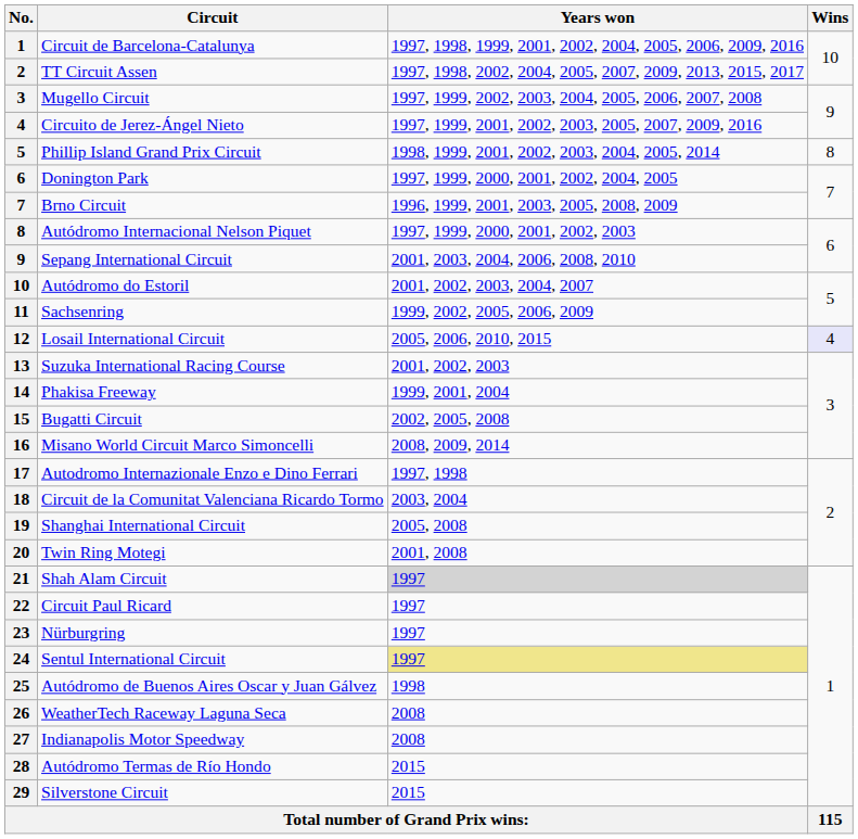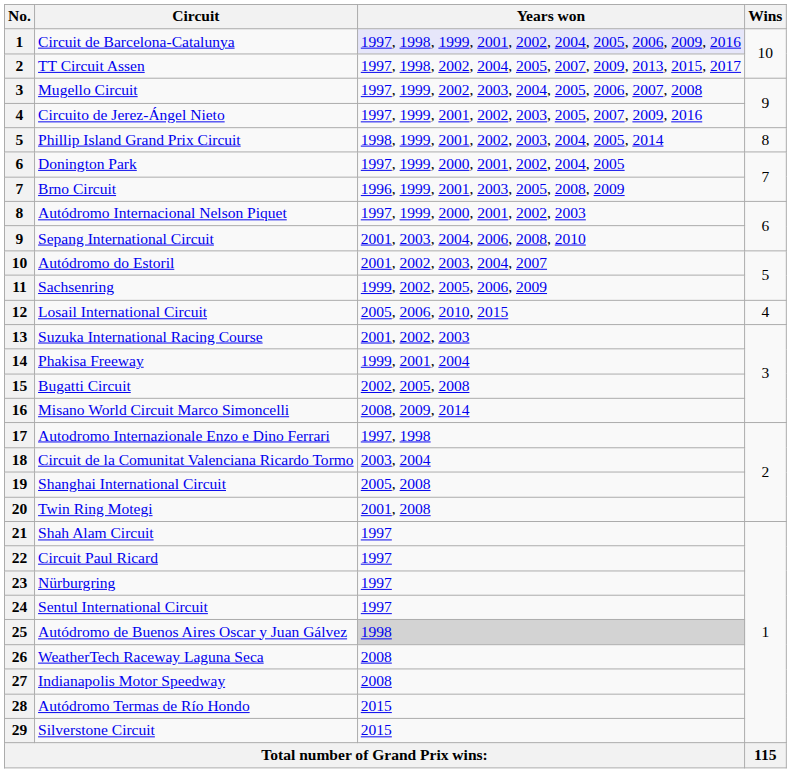 <table class="wikitable">
 <tr>
 <th scope="col">No.</th>
 <th>Circuit</th>
 <th>Years won</th>
 <th>Wins</th>
 </tr>
 <tr>
 <th scope="row">1</th>
 <td><a href='#'>Circuit de Barcelona-Catalunya</a></td>
-<td><a href='#'>1997</a>, <a href='#'>1998</a>, <a href='#'>1999</a>, <a href='#'>2001</a>, <a href='#'>2002</a>, <a href='#'>2004</a>, <a href='#'>2005</a>, <a href='#'>2006</a>, <a href='#'>2009</a>, <a href='#'>2016</a></td>
+<td style="background: lavender;"><a href='#'>1997</a>, <a href='#'>1998</a>, <a href='#'>1999</a>, <a href='#'>2001</a>, <a href='#'>2002</a>, <a href='#'>2004</a>, <a href='#'>2005</a>, <a href='#'>2006</a>, <a href='#'>2009</a>, <a href='#'>2016</a></td>
 <td rowspan="2" style="text-align:center;">10</td>
 </tr>
 <tr>
 <th scope="row">2</th>
 <td><a href='#'>TT Circuit Assen</a></td>
 <td><a href='#'>1997</a>, <a href='#'>1998</a>, <a href='#'>2002</a>, <a href='#'>2004</a>, <a href='#'>2005</a>, <a href='#'>2007</a>, <a href='#'>2009</a>, <a href='#'>2013</a>, <a href='#'>2015</a>, <a href='#'>2017</a></td>
 </tr>
 <tr>
 <th scope="row">3</th>
 <td><a href='#'>Mugello Circuit</a></td>
 <td><a href='#'>1997</a>, <a href='#'>1999</a>, <a href='#'>2002</a>, <a href='#'>2003</a>, <a href='#'>2004</a>, <a href='#'>2005</a>, <a href='#'>2006</a>, <a href='#'>2007</a>, <a href='#'>2008</a></td>
 <td rowspan="2" style="text-align:center;">9</td>
 </tr>
 <tr>
 <th scope="row">4</th>
 <td><a href='#'>Circuito de Jerez-Ángel Nieto</a></td>
 <td><a href='#'>1997</a>, <a href='#'>1999</a>, <a href='#'>2001</a>, <a href='#'>2002</a>, <a href='#'>2003</a>, <a href='#'>2005</a>, <a href='#'>2007</a>, <a href='#'>2009</a>, <a href='#'>2016</a></td>
 </tr>
 <tr>
 <th scope="row">5</th>
 <td><a href='#'>Phillip Island Grand Prix Circuit</a></td>
 <td><a href='#'>1998</a>, <a href='#'>1999</a>, <a href='#'>2001</a>, <a href='#'>2002</a>, <a href='#'>2003</a>, <a href='#'>2004</a>, <a href='#'>2005</a>, <a href='#'>2014</a></td>
 <td style="text-align:center;">8</td>
 </tr>
 <tr>
 <th scope="row">6</th>
 <td><a href='#'>Donington Park</a></td>
 <td><a href='#'>1997</a>, <a href='#'>1999</a>, <a href='#'>2000</a>, <a href='#'>2001</a>, <a href='#'>2002</a>, <a href='#'>2004</a>, <a href='#'>2005</a></td>
 <td rowspan="2" style="text-align:center;">7</td>
 </tr>
 <tr>
 <th scope="row">7</th>
 <td><a href='#'>Brno Circuit</a></td>
 <td><a href='#'>1996</a>, <a href='#'>1999</a>, <a href='#'>2001</a>, <a href='#'>2003</a>, <a href='#'>2005</a>, <a href='#'>2008</a>, <a href='#'>2009</a></td>
 </tr>
 <tr>
 <th scope="row">8</th>
 <td><a href='#'>Autódromo Internacional Nelson Piquet</a></td>
 <td><a href='#'>1997</a>, <a href='#'>1999</a>, <a href='#'>2000</a>, <a href='#'>2001</a>, <a href='#'>2002</a>, <a href='#'>2003</a></td>
 <td rowspan="2" style="text-align:center;">6</td>
 </tr>
 <tr>
 <th scope="row">9</th>
 <td><a href='#'>Sepang International Circuit</a></td>
 <td><a href='#'>2001</a>, <a href='#'>2003</a>, <a href='#'>2004</a>, <a href='#'>2006</a>, <a href='#'>2008</a>, <a href='#'>2010</a></td>
 </tr>
 <tr>
 <th scope="row">10</th>
 <td><a href='#'>Autódromo do Estoril</a></td>
 <td><a href='#'>2001</a>, <a href='#'>2002</a>, <a href='#'>2003</a>, <a href='#'>2004</a>, <a href='#'>2007</a></td>
 <td rowspan="2" style="text-align:center;">5</td>
 </tr>
 <tr>
 <th scope="row">11</th>
 <td><a href='#'>Sachsenring</a></td>
 <td><a href='#'>1999</a>, <a href='#'>2002</a>, <a href='#'>2005</a>, <a href='#'>2006</a>, <a href='#'>2009</a></td>
 </tr>
 <tr>
 <th scope="row">12</th>
 <td><a href='#'>Losail International Circuit</a></td>
 <td><a href='#'>2005</a>, <a href='#'>2006</a>, <a href='#'>2010</a>, <a href='#'>2015</a></td>
-<td style="background: lavender; text-align:center;">4</td>
+<td style="text-align:center;">4</td>
 </tr>
 <tr>
 <th scope="row">13</th>
 <td><a href='#'>Suzuka International Racing Course</a></td>
 <td><a href='#'>2001</a>, <a href='#'>2002</a>, <a href='#'>2003</a></td>
 <td rowspan="4" style="text-align:center;">3</td>
 </tr>
 <tr>
 <th scope="row">14</th>
 <td><a href='#'>Phakisa Freeway</a></td>
 <td><a href='#'>1999</a>, <a href='#'>2001</a>, <a href='#'>2004</a></td>
 </tr>
 <tr>
 <th scope="row">15</th>
 <td><a href='#'>Bugatti Circuit</a></td>
 <td><a href='#'>2002</a>, <a href='#'>2005</a>, <a href='#'>2008</a></td>
 </tr>
 <tr>
 <th scope="row">16</th>
 <td><a href='#'>Misano World Circuit Marco Simoncelli</a></td>
 <td><a href='#'>2008</a>, <a href='#'>2009</a>, <a href='#'>2014</a></td>
 </tr>
 <tr>
 <th scope="row">17</th>
 <td><a href='#'>Autodromo Internazionale Enzo e Dino Ferrari</a></td>
 <td><a href='#'>1997</a>, <a href='#'>1998</a></td>
 <td rowspan="4" style="text-align:center;">2</td>
 </tr>
 <tr>
 <th scope="row">18</th>
 <td><a href='#'>Circuit de la Comunitat Valenciana Ricardo Tormo</a></td>
 <td><a href='#'>2003</a>, <a href='#'>2004</a></td>
 </tr>
 <tr>
 <th scope="row">19</th>
 <td><a href='#'>Shanghai International Circuit</a></td>
 <td><a href='#'>2005</a>, <a href='#'>2008</a></td>
 </tr>
 <tr>
 <th scope="row">20</th>
 <td><a href='#'>Twin Ring Motegi</a></td>
 <td><a href='#'>2001</a>, <a href='#'>2008</a></td>
 </tr>
 <tr>
 <th scope="row">21</th>
 <td><a href='#'>Shah Alam Circuit</a></td>
-<td style="background: lightgrey;"><a href='#'>1997</a></td>
+<td><a href='#'>1997</a></td>
 <td rowspan="9" style="text-align:center;">1</td>
 </tr>
 <tr>
 <th scope="row">22</th>
 <td><a href='#'>Circuit Paul Ricard</a></td>
 <td><a href='#'>1997</a></td>
 </tr>
 <tr>
 <th scope="row">23</th>
 <td><a href='#'>Nürburgring</a></td>
 <td><a href='#'>1997</a></td>
 </tr>
 <tr>
 <th scope="row">24</th>
 <td><a href='#'>Sentul International Circuit</a></td>
-<td style="background: khaki;"><a href='#'>1997</a></td>
+<td><a href='#'>1997</a></td>
 </tr>
 <tr>
 <th scope="row">25</th>
 <td><a href='#'>Autódromo de Buenos Aires Oscar y Juan Gálvez</a></td>
-<td><a href='#'>1998</a></td>
+<td style="background: lightgrey;"><a href='#'>1998</a></td>
 </tr>
 <tr>
 <th scope="row">26</th>
 <td><a href='#'>WeatherTech Raceway Laguna Seca</a></td>
 <td><a href='#'>2008</a></td>
 </tr>
 <tr>
 <th scope="row">27</th>
 <td><a href='#'>Indianapolis Motor Speedway</a></td>
 <td><a href='#'>2008</a></td>
 </tr>
 <tr>
 <th scope="row">28</th>
 <td><a href='#'>Autódromo Termas de Río Hondo</a></td>
 <td><a href='#'>2015</a></td>
 </tr>
 <tr>
 <th scope="row">29</th>
 <td><a href='#'>Silverstone Circuit</a></td>
 <td><a href='#'>2015</a></td>
 </tr>
 <tr>
 <th colspan="3">Total number of Grand Prix wins:</th>
 <th scope="row">115</th>
 </tr>
 </table>
